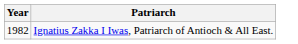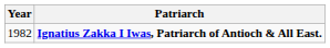 <table class="wikitable sortable">
 <tr>
 <th>Year</th>
 <th>Patriarch</th>
 </tr>
 <tr>
 <td>1982</td>
-<td><a href='#'>Ignatius Zakka I Iwas</a>, Patriarch of Antioch & All East.<br></td>
+<td><strong><a href='#'>Ignatius Zakka I Iwas</a>, Patriarch of Antioch & All East.<br></strong></td>
 </tr>
 </table>
